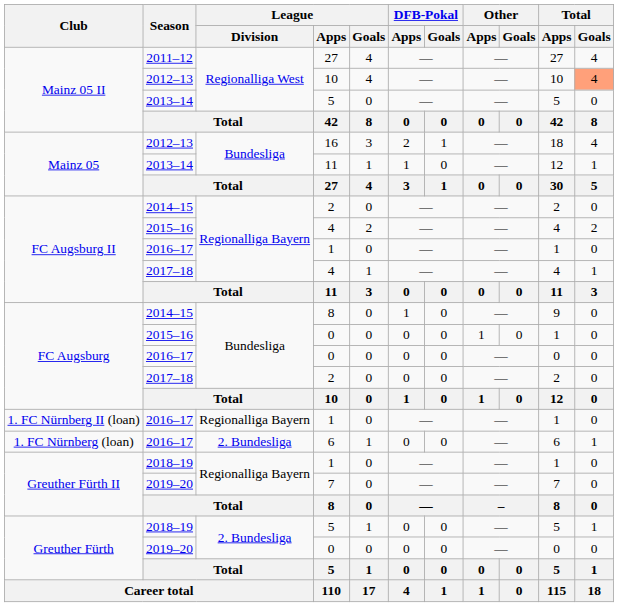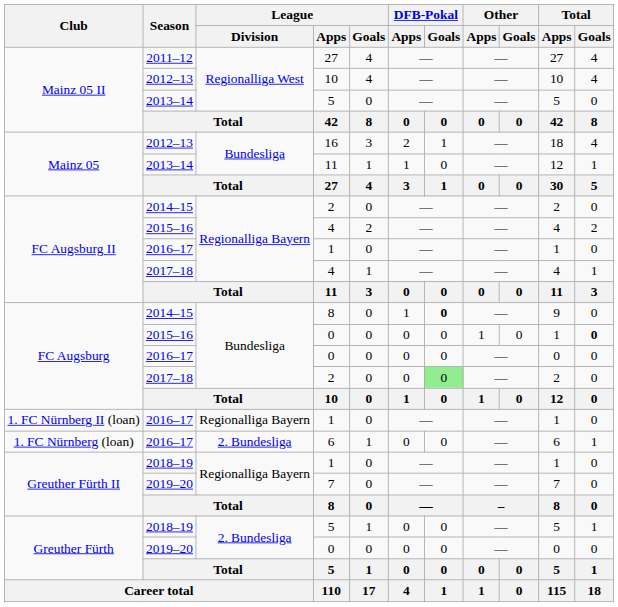 <table class="wikitable" style="text-align: center">
 <tr>
 <th rowspan="2">Club</th>
 <th rowspan="2">Season</th>
 <th colspan="3">League</th>
 <th colspan="2"><a href='#'>DFB-Pokal</a></th>
 <th colspan="2">Other</th>
 <th colspan="2">Total</th>
 </tr>
 <tr>
 <th>Division</th>
 <th>Apps</th>
 <th>Goals</th>
 <th>Apps</th>
 <th>Goals</th>
 <th>Apps</th>
 <th>Goals</th>
 <th>Apps</th>
 <th>Goals</th>
 </tr>
 <tr>
 <td rowspan="4"><a href='#'>Mainz 05 II</a></td>
 <td><a href='#'>2011–12</a></td>
 <td rowspan="3"><a href='#'>Regionalliga West</a></td>
 <td>27</td>
 <td>4</td>
 <td colspan="2">—</td>
 <td colspan="2">—</td>
 <td>27</td>
 <td>4</td>
 </tr>
 <tr>
 <td><a href='#'>2012–13</a></td>
 <td>10</td>
 <td>4</td>
 <td colspan="2">—</td>
 <td colspan="2">—</td>
 <td>10</td>
-<td style="background: lightsalmon;">4</td>
+<td>4</td>
 </tr>
 <tr>
 <td><a href='#'>2013–14</a></td>
 <td>5</td>
 <td>0</td>
 <td colspan="2">—</td>
 <td colspan="2">—</td>
 <td>5</td>
 <td>0</td>
 </tr>
 <tr>
 <th colspan="2">Total</th>
 <th>42</th>
 <th>8</th>
 <th>0</th>
 <th>0</th>
 <th>0</th>
 <th>0</th>
 <th>42</th>
 <th>8</th>
 </tr>
 <tr>
 <td rowspan="3"><a href='#'>Mainz 05</a></td>
 <td><a href='#'>2012–13</a></td>
 <td rowspan="2"><a href='#'>Bundesliga</a></td>
 <td>16</td>
 <td>3</td>
 <td>2</td>
 <td>1</td>
 <td colspan="2">—</td>
 <td>18</td>
 <td>4</td>
 </tr>
 <tr>
 <td><a href='#'>2013–14</a></td>
 <td>11</td>
 <td>1</td>
 <td>1</td>
 <td>0</td>
 <td colspan="2">—</td>
 <td>12</td>
 <td>1</td>
 </tr>
 <tr>
 <th colspan="2">Total</th>
 <th>27</th>
 <th>4</th>
 <th>3</th>
 <th>1</th>
 <th>0</th>
 <th>0</th>
 <th>30</th>
 <th>5</th>
 </tr>
 <tr>
 <td rowspan="5"><a href='#'>FC Augsburg II</a></td>
 <td><a href='#'>2014–15</a></td>
 <td rowspan="4"><a href='#'>Regionalliga Bayern</a></td>
 <td>2</td>
 <td>0</td>
 <td colspan="2">—</td>
 <td colspan="2">—</td>
 <td>2</td>
 <td>0</td>
 </tr>
 <tr>
 <td><a href='#'>2015–16</a></td>
 <td>4</td>
 <td>2</td>
 <td colspan="2">—</td>
 <td colspan="2">—</td>
 <td>4</td>
 <td>2</td>
 </tr>
 <tr>
 <td><a href='#'>2016–17</a></td>
 <td>1</td>
 <td>0</td>
 <td colspan="2">—</td>
 <td colspan="2">—</td>
 <td>1</td>
 <td>0</td>
 </tr>
 <tr>
 <td><a href='#'>2017–18</a></td>
 <td>4</td>
 <td>1</td>
 <td colspan="2">—</td>
 <td colspan="2">—</td>
 <td>4</td>
 <td>1</td>
 </tr>
 <tr>
 <th colspan="2">Total</th>
 <th>11</th>
 <th>3</th>
 <th>0</th>
 <th>0</th>
 <th>0</th>
 <th>0</th>
 <th>11</th>
 <th>3</th>
 </tr>
 <tr>
 <td rowspan="5"><a href='#'>FC Augsburg</a></td>
 <td><a href='#'>2014–15</a></td>
 <td rowspan="4">Bundesliga</td>
 <td>8</td>
 <td>0</td>
 <td>1</td>
-<td>0</td>
+<td><strong>0</strong></td>
 <td colspan="2">—</td>
 <td>9</td>
 <td>0</td>
 </tr>
 <tr>
 <td><a href='#'>2015–16</a></td>
 <td>0</td>
 <td>0</td>
 <td>0</td>
 <td>0</td>
 <td>1</td>
 <td>0</td>
 <td>1</td>
-<td>0</td>
+<td><strong>0</strong></td>
 </tr>
 <tr>
 <td><a href='#'>2016–17</a></td>
 <td>0</td>
 <td>0</td>
 <td>0</td>
 <td>0</td>
 <td colspan="2">—</td>
 <td>0</td>
 <td>0</td>
 </tr>
 <tr>
 <td><a href='#'>2017–18</a></td>
 <td>2</td>
 <td>0</td>
 <td>0</td>
-<td>0</td>
+<td style="background: lightgreen;">0</td>
 <td colspan="2">—</td>
 <td>2</td>
 <td>0</td>
 </tr>
 <tr>
 <th colspan="2">Total</th>
 <th>10</th>
 <th>0</th>
 <th>1</th>
 <th>0</th>
 <th>1</th>
 <th>0</th>
 <th>12</th>
 <th>0</th>
 </tr>
 <tr>
 <td><a href='#'>1. FC Nürnberg II</a> (loan)</td>
 <td><a href='#'>2016–17</a></td>
 <td>Regionalliga Bayern</td>
 <td>1</td>
 <td>0</td>
 <td colspan="2">—</td>
 <td colspan="2">—</td>
 <td>1</td>
 <td>0</td>
 </tr>
 <tr>
 <td><a href='#'>1. FC Nürnberg</a> (loan)</td>
 <td><a href='#'>2016–17</a></td>
 <td><a href='#'>2. Bundesliga</a></td>
 <td>6</td>
 <td>1</td>
 <td>0</td>
 <td>0</td>
 <td colspan="2">—</td>
 <td>6</td>
 <td>1</td>
 </tr>
 <tr>
 <td rowspan="3"><a href='#'>Greuther Fürth II</a></td>
 <td><a href='#'>2018–19</a></td>
 <td rowspan="2">Regionalliga Bayern</td>
 <td>1</td>
 <td>0</td>
 <td colspan="2">—</td>
 <td colspan="2">—</td>
 <td>1</td>
 <td>0</td>
 </tr>
 <tr>
 <td><a href='#'>2019–20</a></td>
 <td>7</td>
 <td>0</td>
 <td colspan="2">—</td>
 <td colspan="2">—</td>
 <td>7</td>
 <td>0</td>
 </tr>
 <tr>
 <th colspan="2">Total</th>
 <th>8</th>
 <th>0</th>
 <th colspan="2">—</th>
 <th colspan="2">–</th>
 <th>8</th>
 <th>0</th>
 </tr>
 <tr>
 <td rowspan="3"><a href='#'>Greuther Fürth</a></td>
 <td><a href='#'>2018–19</a></td>
 <td rowspan="2"><a href='#'>2. Bundesliga</a></td>
 <td>5</td>
 <td>1</td>
 <td>0</td>
 <td>0</td>
 <td colspan="2">—</td>
 <td>5</td>
 <td>1</td>
 </tr>
 <tr>
 <td><a href='#'>2019–20</a></td>
 <td>0</td>
 <td>0</td>
 <td>0</td>
 <td>0</td>
 <td colspan="2">—</td>
 <td>0</td>
 <td>0</td>
 </tr>
 <tr>
 <th colspan="2">Total</th>
 <th>5</th>
 <th>1</th>
 <th>0</th>
 <th>0</th>
 <th>0</th>
 <th>0</th>
 <th>5</th>
 <th>1</th>
 </tr>
 <tr>
 <th colspan="3">Career total</th>
 <th>110</th>
 <th>17</th>
 <th>4</th>
 <th>1</th>
 <th>1</th>
 <th>0</th>
 <th>115</th>
 <th>18</th>
 </tr>
 </table>
